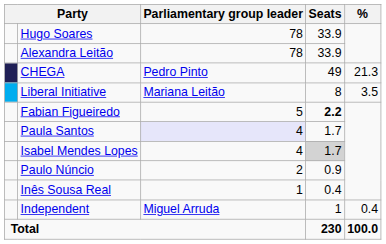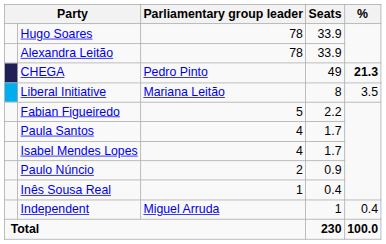 <table class="wikitable">
 <tr>
 <th colspan="2"  style="text-align:center; vertical-align:top;">Party</th>
 <th valign="top">Parliamentary group leader</th>
 <th valign="top">Seats</th>
 <th valign="top">%</th>
 </tr>
 <tr>
 <td></td>
 <td><a href='#'>Hugo Soares</a></td>
 <td align="right">78</td>
 <td align="right">33.9</td>
 </tr>
 <tr>
 <td></td>
 <td><a href='#'>Alexandra Leitão</a></td>
 <td align="right">78</td>
 <td align="right">33.9</td>
 </tr>
 <tr>
 <td style="width:10px; background:#202056; text-align:center;"></td>
 <td style="text-align:left;"><a href='#'>CHEGA</a></td>
 <td><a href='#'>Pedro Pinto</a></td>
 <td align="right">49</td>
-<td align="right">21.3</td>
+<td align="right"><strong>21.3</strong></td>
 </tr>
 <tr>
 <td style="width:10px; background:#00ADEF; text-align:center;"></td>
 <td style="text-align:left;"><a href='#'>Liberal Initiative</a></td>
 <td><a href='#'>Mariana Leitão</a></td>
 <td align="right">8</td>
 <td align="right">3.5</td>
 </tr>
 <tr>
 <td></td>
 <td><a href='#'>Fabian Figueiredo</a></td>
 <td align="right">5</td>
-<td align="right"><strong>2.2</strong></td>
+<td align="right">2.2</td>
 </tr>
 <tr>
 <td></td>
 <td><a href='#'>Paula Santos</a></td>
-<td align="right" style="background: lavender;">4</td>
+<td align="right">4</td>
 <td align="right">1.7</td>
 </tr>
 <tr>
 <td></td>
 <td><a href='#'>Isabel Mendes Lopes</a></td>
 <td align="right">4</td>
-<td align="right" style="background: lightgrey;">1.7</td>
+<td align="right">1.7</td>
 </tr>
 <tr>
 <td></td>
 <td><a href='#'>Paulo Núncio</a></td>
 <td align="right">2</td>
 <td align="right">0.9</td>
 </tr>
 <tr>
 <td></td>
 <td><a href='#'>Inês Sousa Real</a></td>
 <td align="right">1</td>
 <td align="right">0.4</td>
 </tr>
 <tr>
 <td style="width:10px; background:"></td>
 <td style="text-align:left;"><a href='#'>Independent</a></td>
 <td><a href='#'>Miguel Arruda</a></td>
 <td align="right">1</td>
 <td align="right">0.4</td>
 </tr>
 <tr>
 <td colspan="3"> <strong>Total</strong></td>
 <td align="right"><strong>230</strong></td>
 <td align="right"><strong>100.0</strong></td>
 </tr>
 </table>
